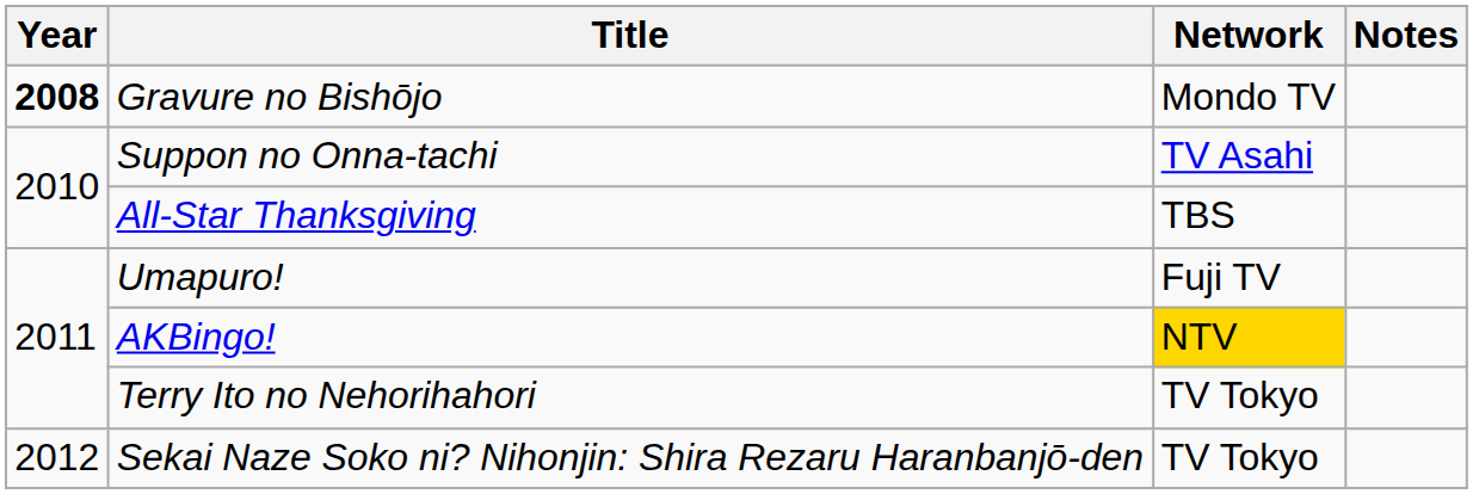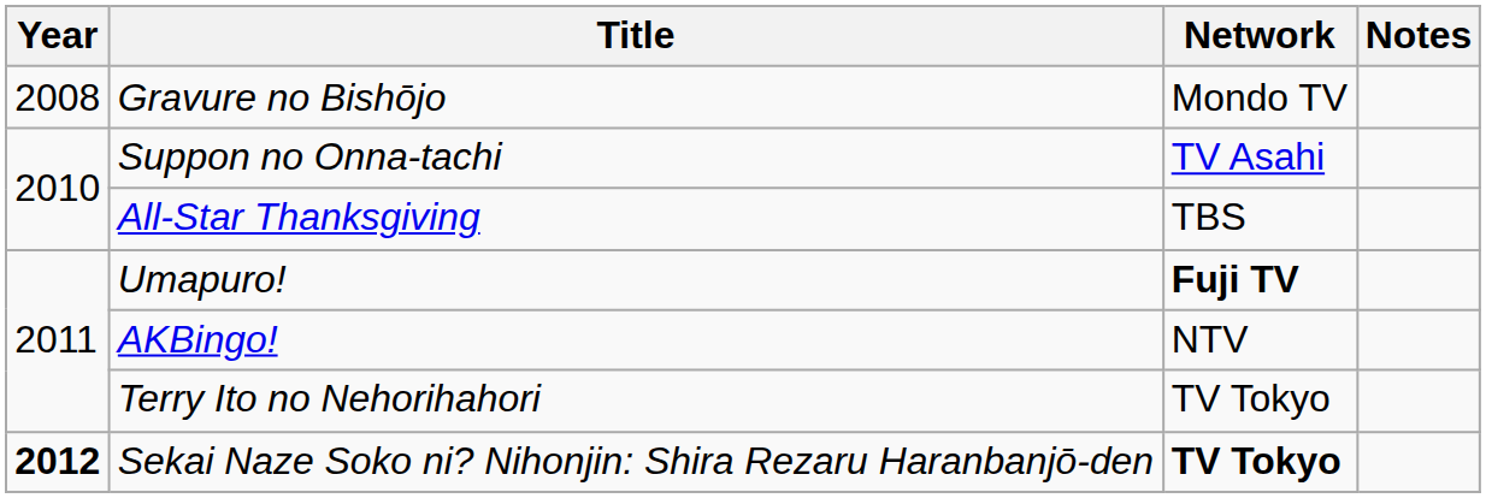 <table class="wikitable">
 <tr>
 <th>Year</th>
 <th>Title</th>
 <th>Network</th>
 <th>Notes</th>
 </tr>
 <tr>
-<td><strong>2008</strong></td>
+<td>2008</td>
 <td><em>Gravure no Bishōjo</em></td>
 <td>Mondo TV</td>
 <td></td>
 </tr>
 <tr>
 <td rowspan="2">2010</td>
 <td><em>Suppon no Onna-tachi</em></td>
 <td><a href='#'>TV Asahi</a></td>
 <td></td>
 </tr>
 <tr>
 <td><em><a href='#'>All-Star Thanksgiving</a></em></td>
 <td>TBS</td>
 <td></td>
 </tr>
 <tr>
 <td rowspan="3">2011</td>
 <td><em>Umapuro!</em></td>
-<td>Fuji TV</td>
+<td><strong>Fuji TV</strong></td>
 <td></td>
 </tr>
 <tr>
 <td><em><a href='#'>AKBingo!</a></em></td>
-<td style="background: gold;">NTV</td>
+<td>NTV</td>
 <td></td>
 </tr>
 <tr>
 <td><em>Terry Ito no Nehorihahori</em></td>
 <td>TV Tokyo</td>
 <td></td>
 </tr>
 <tr>
-<td>2012</td>
+<td><strong>2012</strong></td>
 <td><em>Sekai Naze Soko ni? Nihonjin: Shira Rezaru Haranbanjō-den</em></td>
-<td>TV Tokyo</td>
+<td><strong>TV Tokyo</strong></td>
 <td></td>
 </tr>
 </table>
